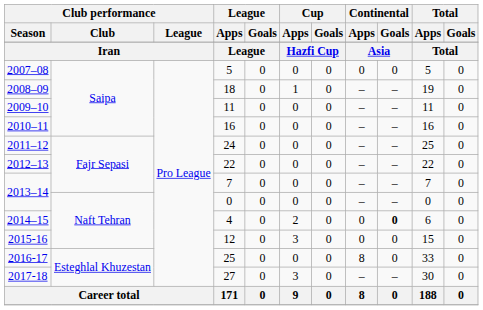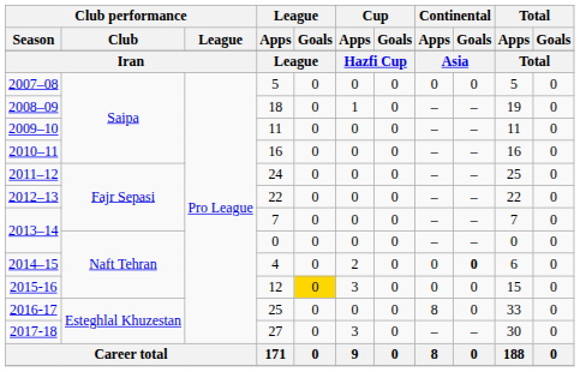 <table class="wikitable" style="text-align:center">
 <tr>
 <th colspan=3>Club performance</th>
 <th colspan=2>League</th>
 <th colspan=2>Cup</th>
 <th colspan=2>Continental</th>
 <th colspan=2>Total</th>
 </tr>
 <tr>
 <th>Season</th>
 <th>Club</th>
 <th>League</th>
 <th>Apps</th>
 <th>Goals</th>
 <th>Apps</th>
 <th>Goals</th>
 <th>Apps</th>
 <th>Goals</th>
 <th>Apps</th>
 <th>Goals</th>
 </tr>
 <tr>
 </tr>
 <tr>
 <th colspan=3>Iran</th>
 <th colspan=2>League</th>
 <th colspan=2><a href='#'>Hazfi Cup</a></th>
 <th colspan=2><a href='#'>Asia</a></th>
 <th colspan=2>Total</th>
 </tr>
 <tr>
 <td><a href='#'>2007–08</a></td>
 <td rowspan="4"><a href='#'>Saipa</a></td>
 <td rowspan="12"><a href='#'>Pro League</a></td>
 <td>5</td>
 <td>0</td>
 <td>0</td>
 <td>0</td>
 <td>0</td>
 <td>0</td>
 <td>5</td>
 <td>0</td>
 </tr>
 <tr>
 <td><a href='#'>2008–09</a></td>
 <td>18</td>
 <td>0</td>
 <td>1</td>
 <td>0</td>
 <td>–</td>
 <td>–</td>
 <td>19</td>
 <td>0</td>
 </tr>
 <tr>
 <td><a href='#'>2009–10</a></td>
 <td>11</td>
 <td>0</td>
 <td>0</td>
 <td>0</td>
 <td>–</td>
 <td>–</td>
 <td>11</td>
 <td>0</td>
 </tr>
 <tr>
 <td><a href='#'>2010–11</a></td>
 <td>16</td>
 <td>0</td>
 <td>0</td>
 <td>0</td>
 <td>–</td>
 <td>–</td>
 <td>16</td>
 <td>0</td>
 </tr>
 <tr>
 <td><a href='#'>2011–12</a></td>
 <td rowspan="3"><a href='#'>Fajr Sepasi</a></td>
 <td>24</td>
 <td>0</td>
 <td>0</td>
 <td>0</td>
 <td>–</td>
 <td>–</td>
 <td>25</td>
 <td>0</td>
 </tr>
 <tr>
 <td><a href='#'>2012–13</a></td>
 <td>22</td>
 <td>0</td>
 <td>0</td>
 <td>0</td>
 <td>–</td>
 <td>–</td>
 <td>22</td>
 <td>0</td>
 </tr>
 <tr>
 <td rowspan="2"><a href='#'>2013–14</a></td>
 <td>7</td>
 <td>0</td>
 <td>0</td>
 <td>0</td>
 <td>–</td>
 <td>–</td>
 <td>7</td>
 <td>0</td>
 </tr>
 <tr>
 <td rowspan="3"><a href='#'>Naft Tehran</a></td>
 <td>0</td>
 <td>0</td>
 <td>0</td>
 <td>0</td>
 <td>–</td>
 <td>–</td>
 <td>0</td>
 <td>0</td>
 </tr>
 <tr>
 <td><a href='#'>2014–15</a></td>
 <td>4</td>
 <td>0</td>
 <td>2</td>
 <td>0</td>
 <td>0</td>
 <td><strong>0</strong></td>
 <td>6</td>
 <td>0</td>
 </tr>
 <tr>
 <td><a href='#'>2015-16</a></td>
 <td>12</td>
-<td>0</td>
+<td style="background: gold;">0</td>
 <td>3</td>
 <td>0</td>
 <td>0</td>
 <td>0</td>
 <td>15</td>
 <td>0</td>
 </tr>
 <tr>
 <td><a href='#'>2016-17</a></td>
 <td rowspan="2"><a href='#'>Esteghlal Khuzestan</a></td>
 <td>25</td>
 <td>0</td>
 <td>0</td>
 <td>0</td>
 <td>8</td>
 <td>0</td>
 <td>33</td>
 <td>0</td>
 </tr>
 <tr>
 <td><a href='#'>2017-18</a></td>
 <td>27</td>
 <td>0</td>
 <td>3</td>
 <td>0</td>
 <td>–</td>
 <td>–</td>
 <td>30</td>
 <td>0</td>
 </tr>
 <tr>
 <th colspan="3">Career total</th>
 <th>171</th>
 <th>0</th>
 <th>9</th>
 <th>0</th>
 <th>8</th>
 <th>0</th>
 <th>188</th>
 <th>0</th>
 </tr>
 <tr>
 </tr>
 </table>
